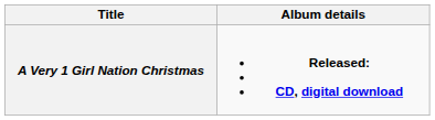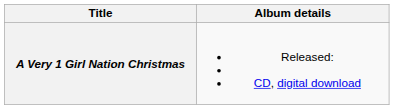 <table class="wikitable plainrowheaders" style="text-align:center;">
 <tr>
 <th scope="col" style="width:16em;">Title</th>
 <th scope="col" style="width:16em;">Album details</th>
 </tr>
 <tr>
 <th scope="row"><em>A Very 1 Girl Nation Christmas</em></th>
-<td><strong><br><ul><li>Released: </li><li></li><li><a href='#'>CD</a>, <a href='#'>digital download</a></li></ul></strong></td>
+<td><br><ul><li>Released: </li><li></li><li><a href='#'>CD</a>, <a href='#'>digital download</a></li></ul></td>
 </tr>
 </table>
